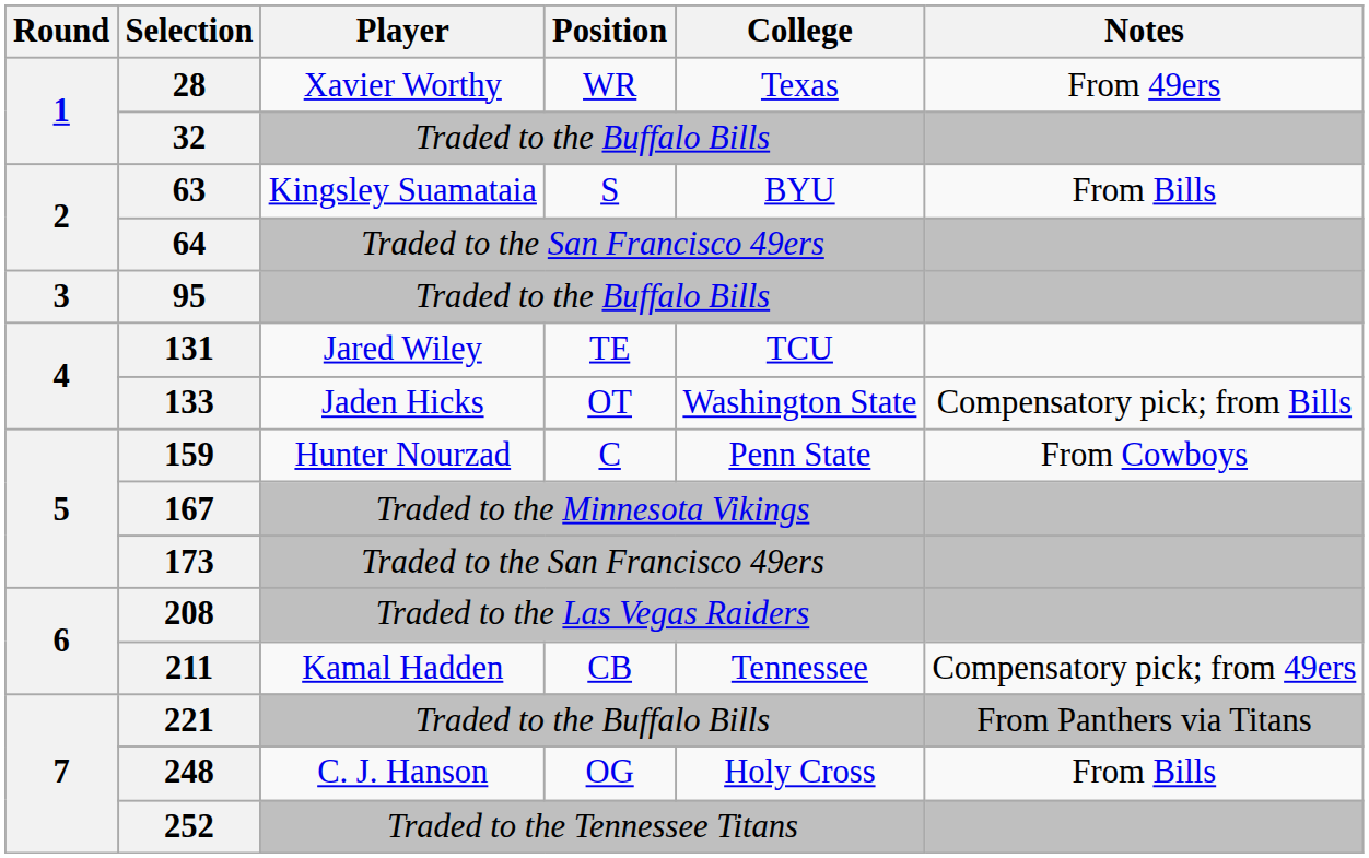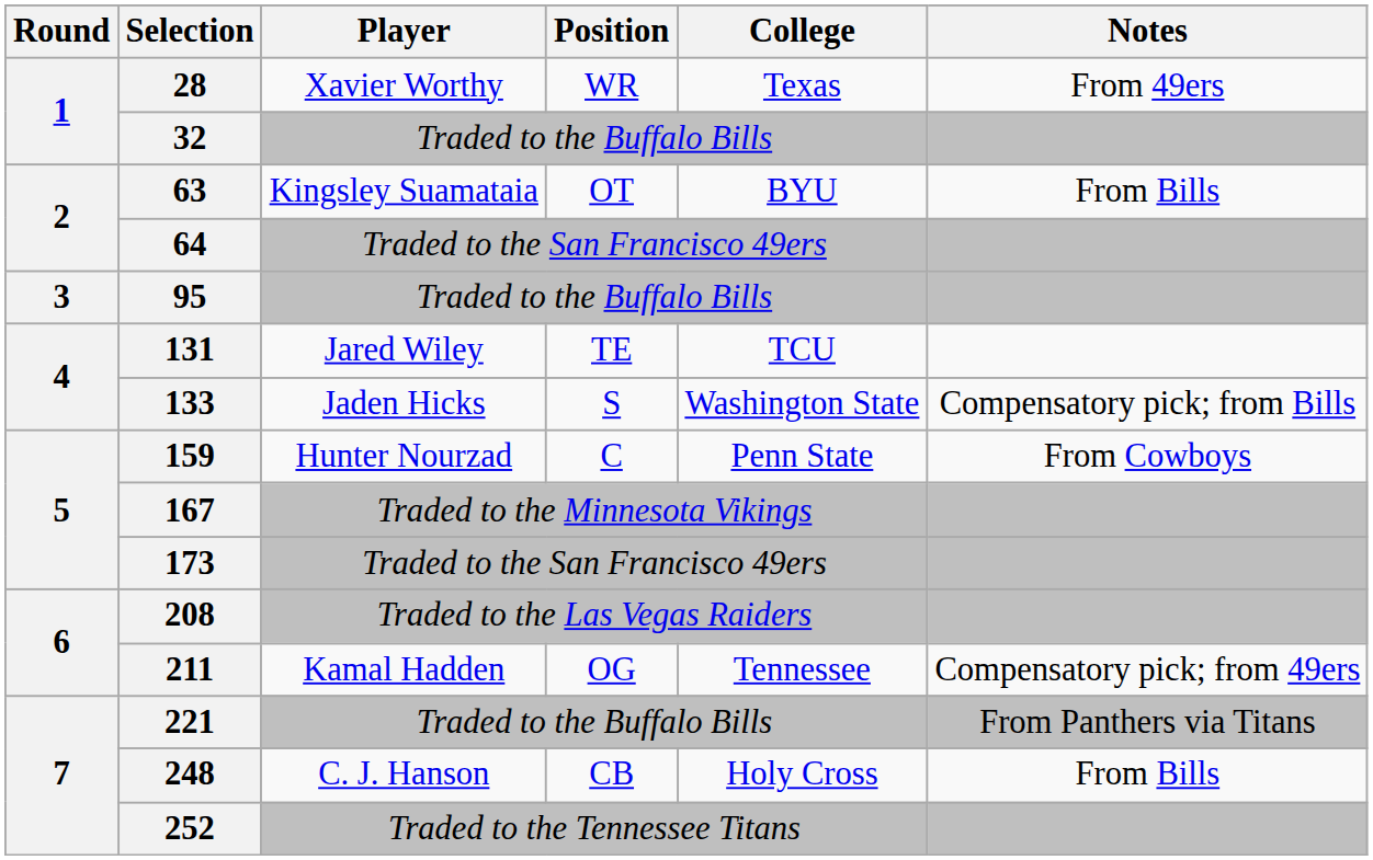 <table class="wikitable" style="text-align:center">
 <tr>
 <th>Round</th>
 <th>Selection</th>
 <th>Player</th>
 <th>Position</th>
 <th>College</th>
 <th>Notes</th>
 </tr>
 <tr>
 <th rowspan="2"><a href='#'>1</a></th>
 <th>28</th>
 <td><a href='#'>Xavier Worthy</a></td>
 <td><a href='#'>WR</a></td>
 <td><a href='#'>Texas</a></td>
 <td>From <a href='#'>49ers</a></td>
 </tr>
 <tr>
 <th>32</th>
 <td colspan="3" style="background:#BFBFBF"><em>Traded to the <a href='#'>Buffalo Bills</a></em></td>
 <td style="background:#BFBFBF"></td>
 </tr>
 <tr>
 <th rowspan="2">2</th>
 <th>63</th>
 <td><a href='#'>Kingsley Suamataia</a></td>
-<td><a href='#'>S</a></td>
+<td><a href='#'>OT</a></td>
 <td><a href='#'>BYU</a></td>
 <td>From <a href='#'>Bills</a></td>
 </tr>
 <tr>
 <th>64</th>
 <td colspan="3" style="background:#BFBFBF"><em>Traded to the <a href='#'>San Francisco 49ers</a></em></td>
 <td style="background:#BFBFBF"></td>
 </tr>
 <tr>
 <th>3</th>
 <th>95</th>
 <td colspan="3" style="background:#BFBFBF"><em>Traded to the <a href='#'>Buffalo Bills</a></em></td>
 <td style="background:#BFBFBF"></td>
 </tr>
 <tr>
 <th rowspan="2">4</th>
 <th>131</th>
 <td><a href='#'>Jared Wiley</a></td>
 <td><a href='#'>TE</a></td>
 <td><a href='#'>TCU</a></td>
 <td></td>
 </tr>
 <tr>
 <th>133</th>
 <td><a href='#'>Jaden Hicks</a></td>
-<td><a href='#'>OT</a></td>
+<td><a href='#'>S</a></td>
 <td><a href='#'>Washington State</a></td>
 <td>Compensatory pick; from <a href='#'>Bills</a></td>
 </tr>
 <tr>
 <th rowspan="3">5</th>
 <th>159</th>
 <td><a href='#'>Hunter Nourzad</a></td>
 <td><a href='#'>C</a></td>
 <td><a href='#'>Penn State</a></td>
 <td>From <a href='#'>Cowboys</a></td>
 </tr>
 <tr>
 <th>167</th>
 <td colspan="3" style="background:#BFBFBF"><em>Traded to the <a href='#'>Minnesota Vikings</a></em></td>
 <td style="background:#BFBFBF"></td>
 </tr>
 <tr>
 <th>173</th>
 <td colspan="3" style="background:#BFBFBF"><em>Traded to the San Francisco 49ers</em></td>
 <td style="background:#BFBFBF"></td>
 </tr>
 <tr>
 <th rowspan="2">6</th>
 <th>208</th>
 <td colspan="3" style="background:#BFBFBF"><em>Traded to the <a href='#'>Las Vegas Raiders</a></em></td>
 <td style="background:#BFBFBF"></td>
 </tr>
 <tr>
 <th>211</th>
 <td><a href='#'>Kamal Hadden</a></td>
-<td><a href='#'>CB</a></td>
+<td><a href='#'>OG</a></td>
 <td><a href='#'>Tennessee</a></td>
 <td>Compensatory pick; from <a href='#'>49ers</a></td>
 </tr>
 <tr>
 <th rowspan="3">7</th>
 <th>221</th>
 <td colspan="3" style="background:#BFBFBF"><em>Traded to the Buffalo Bills</em></td>
 <td style="background:#BFBFBF">From Panthers via Titans</td>
 </tr>
 <tr>
 <th>248</th>
 <td><a href='#'>C. J. Hanson</a></td>
-<td><a href='#'>OG</a></td>
+<td><a href='#'>CB</a></td>
 <td><a href='#'>Holy Cross</a></td>
 <td>From <a href='#'>Bills</a></td>
 </tr>
 <tr>
 <th>252</th>
 <td colspan="3" style="background:#BFBFBF"><em>Traded to the Tennessee Titans</em></td>
 <td style="background:#BFBFBF"></td>
 </tr>
 </table>
